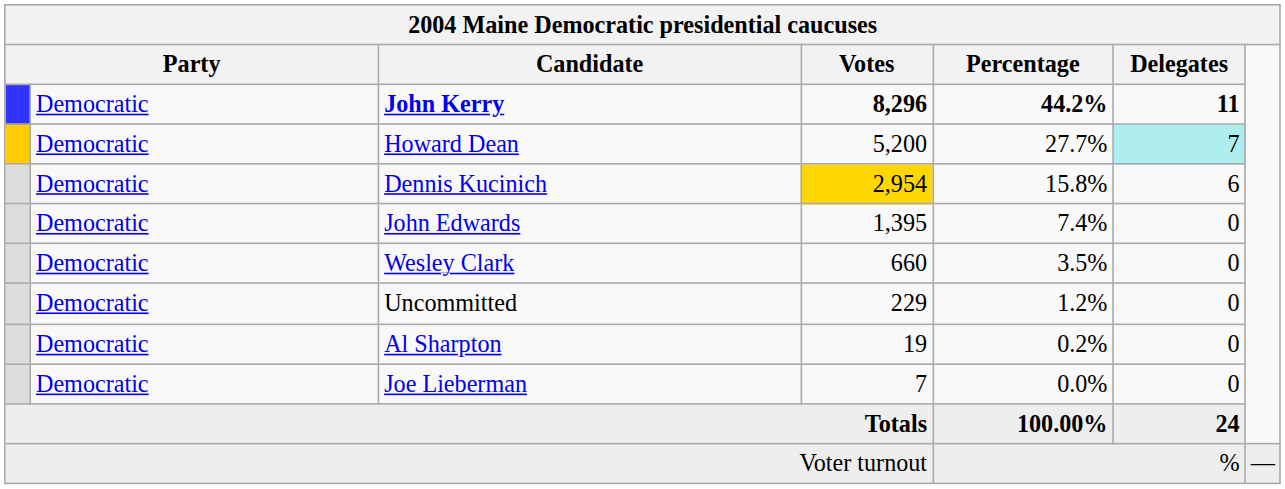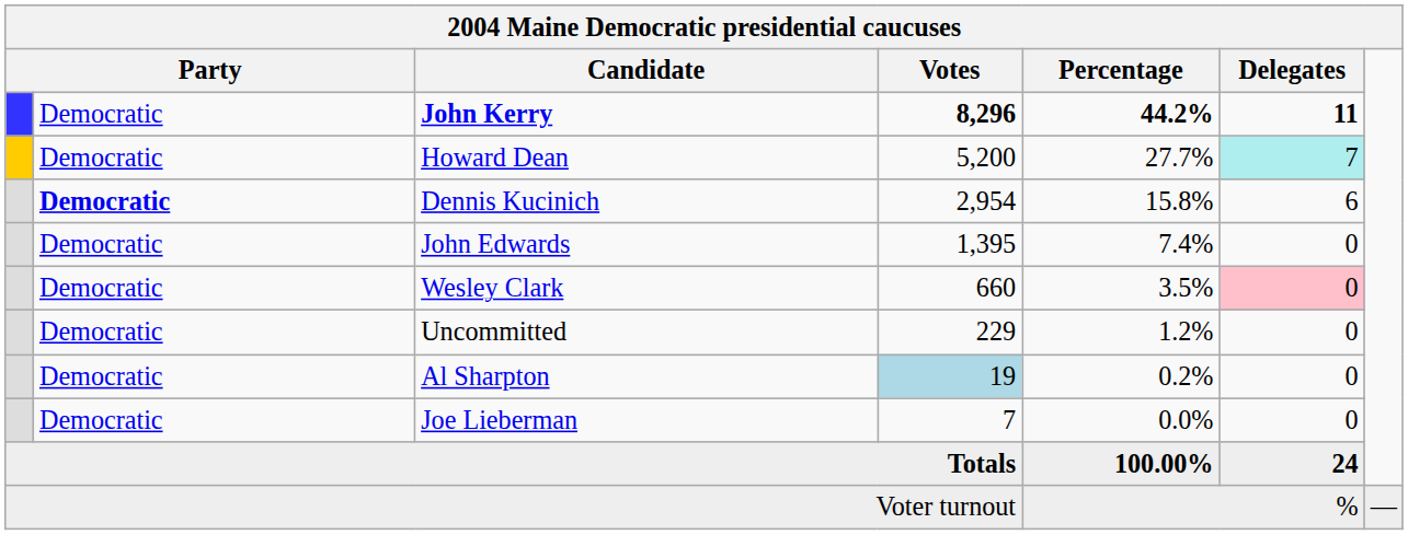 <table class="wikitable" style="font-size:95%;">
 <tr>
 <th colspan="7">2004 Maine Democratic presidential caucuses</th>
 </tr>
 <tr>
 <th colspan="2" style="width: 15em">Party</th>
 <th style="width: 17em">Candidate</th>
 <th style="width: 5em">Votes</th>
 <th style="width: 7em">Percentage</th>
 <th style="width: 5em">Delegates</th>
 </tr>
 <tr>
 <th style="background-color:#3333FF; width: 3px"></th>
 <td style="width: 130px"><a href='#'>Democratic</a></td>
 <td><strong><a href='#'>John Kerry</a></strong></td>
 <td align="right"><strong>8,296</strong></td>
 <td align="right"><strong>44.2%</strong></td>
 <td align="right"><strong>11</strong></td>
 </tr>
 <tr>
 <th style="background-color:#FFCC00; width: 3px"></th>
 <td style="width: 130px"><a href='#'>Democratic</a></td>
 <td><a href='#'>Howard Dean</a></td>
 <td align="right">5,200</td>
 <td align="right">27.7%</td>
 <td align="right" style="background: paleturquoise;">7</td>
 </tr>
 <tr>
 <th style="background-color:#DDDDDD; width: 3px"></th>
-<td style="width: 130px"><a href='#'>Democratic</a></td>
+<td style="width: 130px"><strong><a href='#'>Democratic</a></strong></td>
 <td><a href='#'>Dennis Kucinich</a></td>
-<td align="right" style="background: gold;">2,954</td>
+<td align="right">2,954</td>
 <td align="right">15.8%</td>
 <td align="right">6</td>
 </tr>
 <tr>
 <th style="background-color:#DDDDDD; width: 3px"></th>
 <td style="width: 130px"><a href='#'>Democratic</a></td>
 <td><a href='#'>John Edwards</a></td>
 <td align="right">1,395</td>
 <td align="right">7.4%</td>
 <td align="right">0</td>
 </tr>
 <tr>
 <th style="background-color:#DDDDDD; width: 3px"></th>
 <td style="width: 130px"><a href='#'>Democratic</a></td>
 <td><a href='#'>Wesley Clark</a></td>
 <td align="right">660</td>
 <td align="right">3.5%</td>
-<td align="right">0</td>
+<td align="right" style="background: pink;">0</td>
 </tr>
 <tr>
 <th style="background-color:#DDDDDD; width: 3px"></th>
 <td style="width: 130px"><a href='#'>Democratic</a></td>
 <td>Uncommitted</td>
 <td align="right">229</td>
 <td align="right">1.2%</td>
 <td align="right">0</td>
 </tr>
 <tr>
 <th style="background-color:#DDDDDD; width: 3px"></th>
 <td style="width: 130px"><a href='#'>Democratic</a></td>
 <td><a href='#'>Al Sharpton</a></td>
-<td align="right">19</td>
+<td align="right" style="background: lightblue;">19</td>
 <td align="right">0.2%</td>
 <td align="right">0</td>
 </tr>
 <tr>
 <th style="background-color:#DDDDDD; width: 3px"></th>
 <td style="width: 130px"><a href='#'>Democratic</a></td>
 <td><a href='#'>Joe Lieberman</a></td>
 <td align="right">7</td>
 <td align="right">0.0%</td>
 <td align="right">0</td>
 </tr>
 <tr bgcolor="#EEEEEE">
 <td colspan="4" align="right"><strong>Totals</strong></td>
 <td align="right"><strong>100.00%</strong></td>
 <td align="right"><strong>24</strong></td>
 </tr>
 <tr bgcolor="#EEEEEE">
 <td colspan="4" align="right">Voter turnout</td>
 <td colspan="2" align="right">%</td>
 <td align="right">—</td>
 </tr>
 </table>
